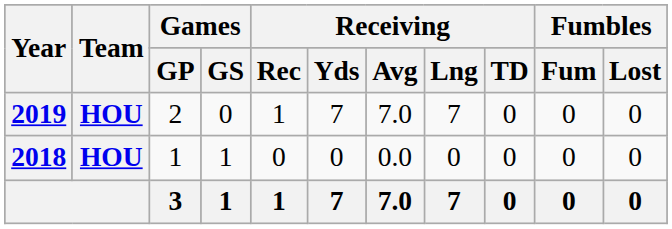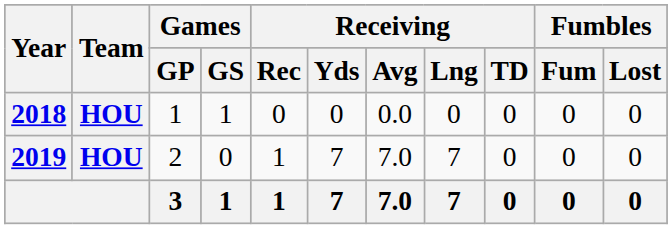 <table class="wikitable" style="text-align:center;">
 <tr>
 <th rowspan="2">Year</th>
 <th rowspan="2">Team</th>
 <th colspan="2">Games</th>
 <th colspan="5">Receiving</th>
 <th colspan="2">Fumbles</th>
 </tr>
 <tr>
 <th>GP</th>
 <th>GS</th>
 <th>Rec</th>
 <th>Yds</th>
 <th>Avg</th>
 <th>Lng</th>
 <th>TD</th>
 <th>Fum</th>
 <th>Lost</th>
 </tr>
 <tr>
+<th><a href='#'>2018</a></th>
+<th><a href='#'>HOU</a></th>
+<td>1</td>
+<td>1</td>
+<td>0</td>
+<td>0</td>
+<td>0.0</td>
+<td>0</td>
+<td>0</td>
+<td>0</td>
+<td>0</td>
+</tr>
+<tr>
 <th><a href='#'>2019</a></th>
 <th><a href='#'>HOU</a></th>
 <td>2</td>
 <td>0</td>
 <td>1</td>
 <td>7</td>
 <td>7.0</td>
 <td>7</td>
-<td>0</td>
-<td>0</td>
-<td>0</td>
-</tr>
-<tr>
-<th><a href='#'>2018</a></th>
-<th><a href='#'>HOU</a></th>
-<td>1</td>
-<td>1</td>
-<td>0</td>
-<td>0</td>
-<td>0.0</td>
-<td>0</td>
 <td>0</td>
 <td>0</td>
 <td>0</td>
 </tr>
 <tr>
 <th colspan="2"></th>
 <th>3</th>
 <th>1</th>
 <th>1</th>
 <th>7</th>
 <th>7.0</th>
 <th>7</th>
 <th>0</th>
 <th>0</th>
 <th>0</th>
 </tr>
 </table>
